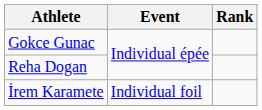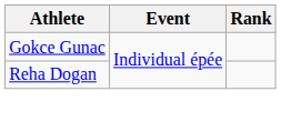 <table class="wikitable" style="text-align:left;">
 <tr>
 <th>Athlete</th>
 <th>Event</th>
 <th>Rank</th>
 </tr>
 <tr>
 <td><a href='#'>Gokce Gunac</a></td>
 <td rowspan=2><a href='#'>Individual épée</a></td>
 <td></td>
 </tr>
 <tr>
 <td><a href='#'>Reha Dogan</a></td>
 <td></td>
 </tr>
-<tr>
-<td><a href='#'>İrem Karamete</a></td>
-<td><a href='#'>Individual foil</a></td>
-<td></td>
-</tr>
 </table>
